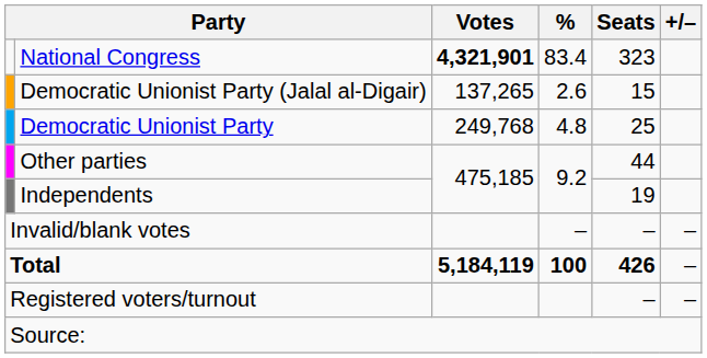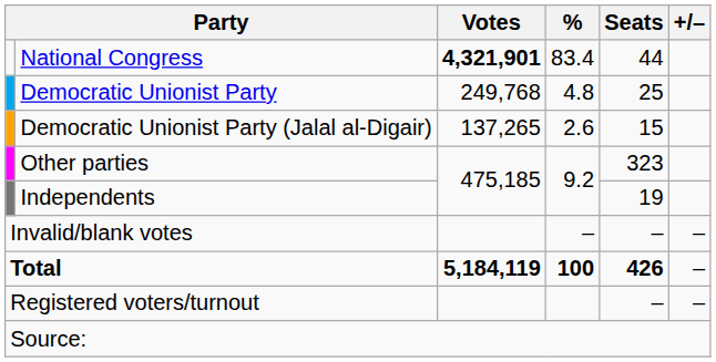 <table class=wikitable style=text-align:right>
 <tr>
 <th colspan=2>Party</th>
 <th>Votes</th>
 <th>%</th>
 <th>Seats</th>
 <th>+/–</th>
 </tr>
 <tr>
 <td style="background-color: "></td>
 <td align=left><a href='#'>National Congress</a></td>
 <td><strong>4,321,901</strong></td>
 <td>83.4</td>
-<td>323</td>
+<td>44</td>
+<td></td>
+</tr>
+<tr>
+<td style="background:#00a6ef;"></td>
+<td align=left><a href='#'>Democratic Unionist Party</a></td>
+<td>249,768</td>
+<td>4.8</td>
+<td>25</td>
 <td></td>
 </tr>
 <tr>
 <td style="background:orange;"></td>
 <td align=left>Democratic Unionist Party (Jalal al-Digair)</td>
 <td>137,265</td>
 <td>2.6</td>
 <td>15</td>
 <td></td>
 </tr>
 <tr>
-<td style="background:#00a6ef;"></td>
-<td align=left><a href='#'>Democratic Unionist Party</a></td>
-<td>249,768</td>
-<td>4.8</td>
-<td>25</td>
-<td></td>
-</tr>
-<tr>
 <td style="background:#f0f;"></td>
 <td align=left>Other parties</td>
 <td rowspan=2>475,185</td>
 <td rowspan=2>9.2</td>
-<td>44</td>
+<td>323</td>
 <td></td>
 </tr>
 <tr>
 <td style="background:#757575;"></td>
 <td align=left>Independents</td>
 <td>19</td>
 <td></td>
 </tr>
 <tr>
 <td style="text-align:left;" colspan="2">Invalid/blank votes</td>
 <td></td>
 <td>–</td>
 <td>–</td>
 <td>–</td>
 </tr>
 <tr>
 <td style="text-align:left;" colspan="2"><strong>Total</strong></td>
 <td><strong>5,184,119</strong></td>
 <td><strong>100</strong></td>
 <td><strong>426</strong></td>
 <td>–</td>
 </tr>
 <tr>
 <td style="text-align:left;" colspan="2">Registered voters/turnout</td>
 <td></td>
 <td></td>
 <td>–</td>
 <td>–</td>
 </tr>
 <tr>
 <td style="text-align:left;" colspan="6">Source:  </td>
 </tr>
 </table>
